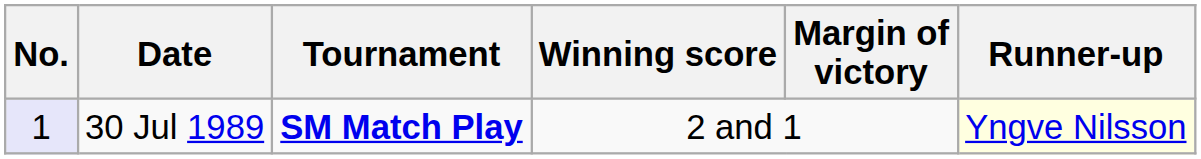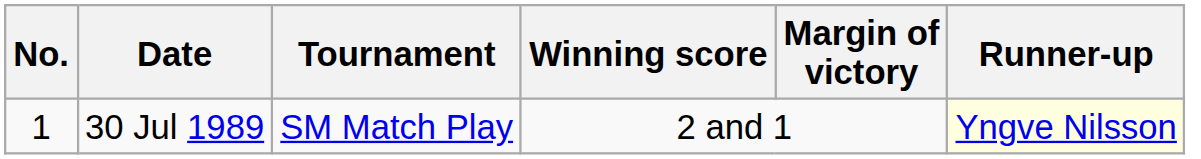 <table class="wikitable" style="font-size:95%;">
 <tr>
 <th>No.</th>
 <th>Date</th>
 <th>Tournament</th>
 <th>Winning score</th>
 <th>Margin of<br>victory</th>
 <th>Runner-up</th>
 </tr>
 <tr>
-<td align=center style="background: lavender;">1</td>
+<td align=center>1</td>
 <td align=right>30 Jul <a href='#'>1989</a></td>
-<td><strong><a href='#'>SM Match Play</a></strong></td>
+<td><a href='#'>SM Match Play</a></td>
 <td colspan=2 align=center>2 and 1</td>
 <td style="background: lightyellow;"> <a href='#'>Yngve Nilsson</a></td>
 </tr>
 </table>
